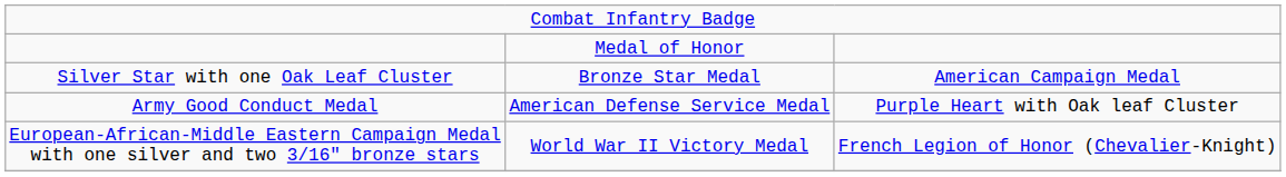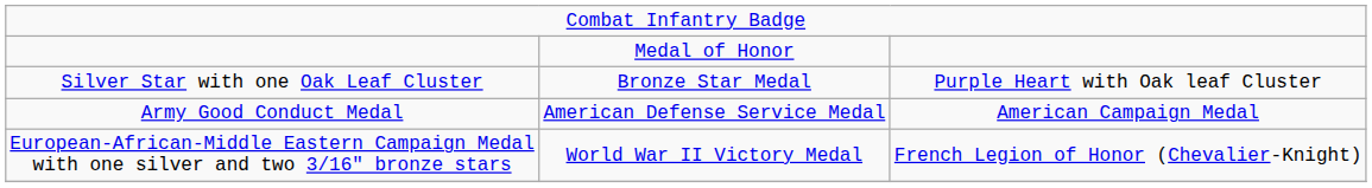 <table class="wikitable" style="margin:1em auto; text-align:center;">
 <tr>
 <td colspan="13"><a href='#'>Combat Infantry Badge</a></td>
 </tr>
 <tr>
 <td></td>
 <td><a href='#'>Medal of Honor</a></td>
 <td></td>
 </tr>
 <tr>
 <td><a href='#'>Silver Star</a> with one <a href='#'>Oak Leaf Cluster</a></td>
 <td><a href='#'>Bronze Star Medal</a></td>
-<td><a href='#'>American Campaign Medal</a></td>
+<td><a href='#'>Purple Heart</a> with Oak leaf Cluster</td>
 </tr>
 <tr>
 <td><a href='#'>Army Good Conduct Medal</a></td>
 <td><a href='#'>American Defense Service Medal</a></td>
-<td><a href='#'>Purple Heart</a> with Oak leaf Cluster</td>
+<td><a href='#'>American Campaign Medal</a></td>
 </tr>
 <tr>
 <td><a href='#'>European-African-Middle Eastern Campaign Medal</a><br>with one silver and two <a href='#'>3/16" bronze stars</a></td>
 <td><a href='#'>World War II Victory Medal</a></td>
 <td><a href='#'>French Legion of Honor</a> (<a href='#'>Chevalier</a>-Knight)</td>
 </tr>
 <tr>
 </tr>
 </table>
